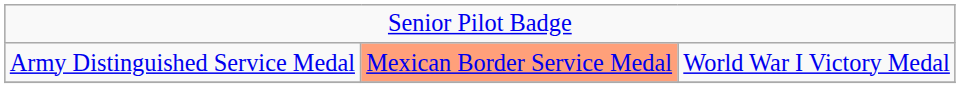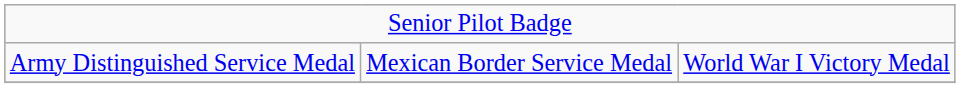 <table class="wikitable" style="margin:1em auto; text-align:center;">
 <tr>
 <td colspan="3"><a href='#'>Senior Pilot Badge</a></td>
 </tr>
 <tr>
 <td><a href='#'>Army Distinguished Service Medal</a></td>
-<td style="background: lightsalmon;"><a href='#'>Mexican Border Service Medal</a></td>
+<td><a href='#'>Mexican Border Service Medal</a></td>
 <td><a href='#'>World War I Victory Medal</a></td>
 </tr>
 <tr>
 </tr>
 </table>
